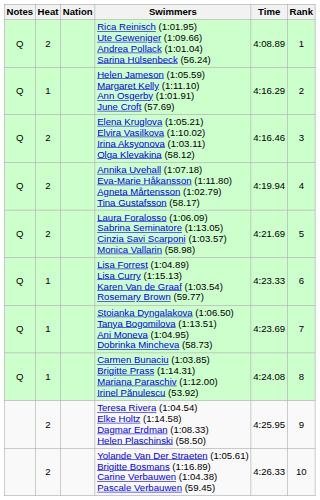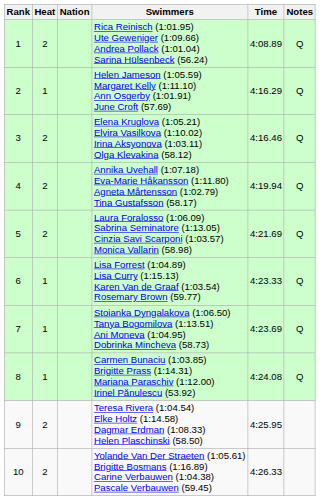 <table class="wikitable sortable" style="text-align:center">
 <tr>
-<th>Notes</th>
+<th>Rank</th>
 <th>Heat</th>
 <th>Nation</th>
 <th>Swimmers</th>
 <th>Time</th>
-<th>Rank</th>
+<th>Notes</th>
 </tr>
 <tr bgcolor=ccffcc>
-<td>Q</td>
+<td>1</td>
 <td>2</td>
 <td align=left></td>
 <td align=left><a href='#'>Rica Reinisch</a> (1:01.95)<br><a href='#'>Ute Geweniger</a> (1:09.66)<br><a href='#'>Andrea Pollack</a> (1:01.04)<br><a href='#'>Sarina Hülsenbeck</a> (56.24)</td>
 <td>4:08.89</td>
-<td>1</td>
+<td>Q</td>
 </tr>
 <tr bgcolor=ccffcc>
-<td>Q</td>
+<td>2</td>
 <td>1</td>
 <td align=left></td>
 <td align=left><a href='#'>Helen Jameson</a> (1:05.59)<br><a href='#'>Margaret Kelly</a> (1:11.10)<br><a href='#'>Ann Osgerby</a> (1:01.91)<br><a href='#'>June Croft</a> (57.69)</td>
 <td>4:16.29</td>
-<td>2</td>
+<td>Q</td>
 </tr>
 <tr bgcolor=ccffcc>
-<td>Q</td>
+<td>3</td>
 <td>2</td>
 <td align=left></td>
 <td align=left><a href='#'>Elena Kruglova</a> (1:05.21)<br><a href='#'>Elvira Vasilkova</a> (1:10.02)<br><a href='#'>Irina Aksyonova</a> (1:03.11)<br><a href='#'>Olga Klevakina</a> (58.12)</td>
 <td>4:16.46</td>
-<td>3</td>
+<td>Q</td>
 </tr>
 <tr bgcolor=ccffcc>
-<td>Q</td>
+<td>4</td>
 <td>2</td>
 <td align=left></td>
 <td align=left><a href='#'>Annika Uvehall</a> (1:07.18)<br><a href='#'>Eva-Marie Håkansson</a> (1:11.80)<br><a href='#'>Agneta Mårtensson</a> (1:02.79)<br><a href='#'>Tina Gustafsson</a> (58.17)</td>
 <td>4:19.94</td>
-<td>4</td>
+<td>Q</td>
 </tr>
 <tr bgcolor=ccffcc>
-<td>Q</td>
+<td>5</td>
 <td>2</td>
 <td align=left></td>
 <td align=left><a href='#'>Laura Foralosso</a> (1:06.09)<br><a href='#'>Sabrina Seminatore</a> (1:13.05)<br><a href='#'>Cinzia Savi Scarponi</a> (1:03.57)<br><a href='#'>Monica Vallarin</a> (58.98)</td>
 <td>4:21.69</td>
-<td>5</td>
+<td>Q</td>
 </tr>
 <tr bgcolor=ccffcc>
-<td>Q</td>
+<td>6</td>
 <td>1</td>
 <td align=left></td>
 <td align=left><a href='#'>Lisa Forrest</a> (1:04.89)<br><a href='#'>Lisa Curry</a> (1:15.13)<br><a href='#'>Karen Van de Graaf</a> (1:03.54)<br><a href='#'>Rosemary Brown</a> (59.77)</td>
 <td>4:23.33</td>
-<td>6</td>
+<td>Q</td>
 </tr>
 <tr bgcolor=ccffcc>
-<td>Q</td>
+<td>7</td>
 <td>1</td>
 <td align=left></td>
 <td align=left><a href='#'>Stoianka Dyngalakova</a> (1:06.50)<br><a href='#'>Tanya Bogomilova</a> (1:13.51)<br><a href='#'>Ani Moneva</a> (1:04.95)<br><a href='#'>Dobrinka Mincheva</a> (58.73)</td>
 <td>4:23.69</td>
-<td>7</td>
+<td>Q</td>
 </tr>
 <tr bgcolor=ccffcc>
-<td>Q</td>
+<td>8</td>
 <td>1</td>
 <td align=left></td>
 <td align=left><a href='#'>Carmen Bunaciu</a> (1:03.85)<br><a href='#'>Brigitte Prass</a> (1:14.31)<br><a href='#'>Mariana Paraschiv</a> (1:12.00)<br><a href='#'>Irinel Pănulescu</a> (53.92)</td>
 <td>4:24.08</td>
-<td>8</td>
+<td>Q</td>
 </tr>
 <tr>
-<td></td>
+<td>9</td>
 <td>2</td>
 <td align=left></td>
 <td align=left><a href='#'>Teresa Rivera</a> (1:04.54)<br><a href='#'>Elke Holtz</a> (1:14.58)<br><a href='#'>Dagmar Erdman</a> (1:08.33)<br><a href='#'>Helen Plaschinski</a> (58.50)</td>
 <td>4:25.95</td>
-<td>9</td>
+<td></td>
 </tr>
 <tr>
-<td></td>
+<td>10</td>
 <td>2</td>
 <td align=left></td>
 <td align=left><a href='#'>Yolande Van Der Straeten</a> (1:05.61)<br><a href='#'>Brigitte Bosmans</a> (1:16.89)<br><a href='#'>Carine Verbauwen</a> (1:04.38)<br><a href='#'>Pascale Verbauwen</a> (59.45)</td>
 <td>4:26.33</td>
-<td>10</td>
+<td></td>
 </tr>
 </table>
